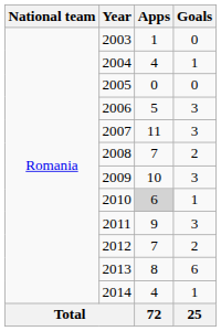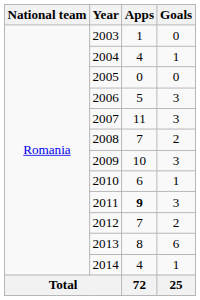 <table class="wikitable" style="text-align:center">
 <tr>
 <th>National team</th>
 <th>Year</th>
 <th>Apps</th>
 <th>Goals</th>
 </tr>
 <tr>
 <td rowspan="12"><a href='#'>Romania</a></td>
 <td>2003</td>
 <td>1</td>
 <td>0</td>
 </tr>
 <tr>
 <td>2004</td>
 <td>4</td>
 <td>1</td>
 </tr>
 <tr>
 <td>2005</td>
 <td>0</td>
 <td>0</td>
 </tr>
 <tr>
 <td>2006</td>
 <td>5</td>
 <td>3</td>
 </tr>
 <tr>
 <td>2007</td>
 <td>11</td>
 <td>3</td>
 </tr>
 <tr>
 <td>2008</td>
 <td>7</td>
 <td>2</td>
 </tr>
 <tr>
 <td>2009</td>
 <td>10</td>
 <td>3</td>
 </tr>
 <tr>
 <td>2010</td>
-<td style="background: lightgrey;">6</td>
+<td>6</td>
 <td>1</td>
 </tr>
 <tr>
 <td>2011</td>
-<td>9</td>
+<td><strong>9</strong></td>
 <td>3</td>
 </tr>
 <tr>
 <td>2012</td>
 <td>7</td>
 <td>2</td>
 </tr>
 <tr>
 <td>2013</td>
 <td>8</td>
 <td>6</td>
 </tr>
 <tr>
 <td>2014</td>
 <td>4</td>
 <td>1</td>
 </tr>
 <tr>
 <th colspan="2">Total</th>
 <th>72</th>
 <th>25</th>
 </tr>
 </table>
